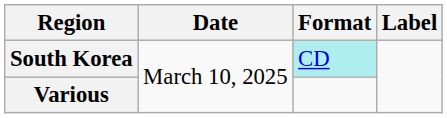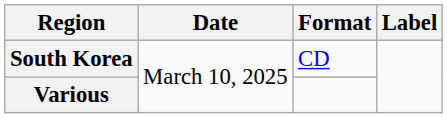 <table class="wikitable plainrowheaders">
 <tr>
 <th scope="col">Region</th>
 <th scope="col">Date</th>
 <th scope="col">Format</th>
 <th scope="col">Label</th>
 </tr>
 <tr>
 <th scope="row">South Korea</th>
 <td rowspan="2">March 10, 2025</td>
-<td style="background: paleturquoise;"><a href='#'>CD</a></td>
+<td><a href='#'>CD</a></td>
 <td rowspan="2"></td>
 </tr>
 <tr>
 <th scope="row">Various</th>
 <td></td>
 </tr>
 </table>
